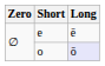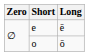 <table class="wikitable">
 <tr>
 <th>Zero</th>
 <th>Short</th>
 <th>Long</th>
 </tr>
 <tr>
 <td rowspan=2>∅</td>
 <td>e</td>
 <td>ē</td>
 </tr>
 <tr>
 <td>o</td>
-<td style="background: lavender;">ō</td>
+<td>ō</td>
 </tr>
 </table>
